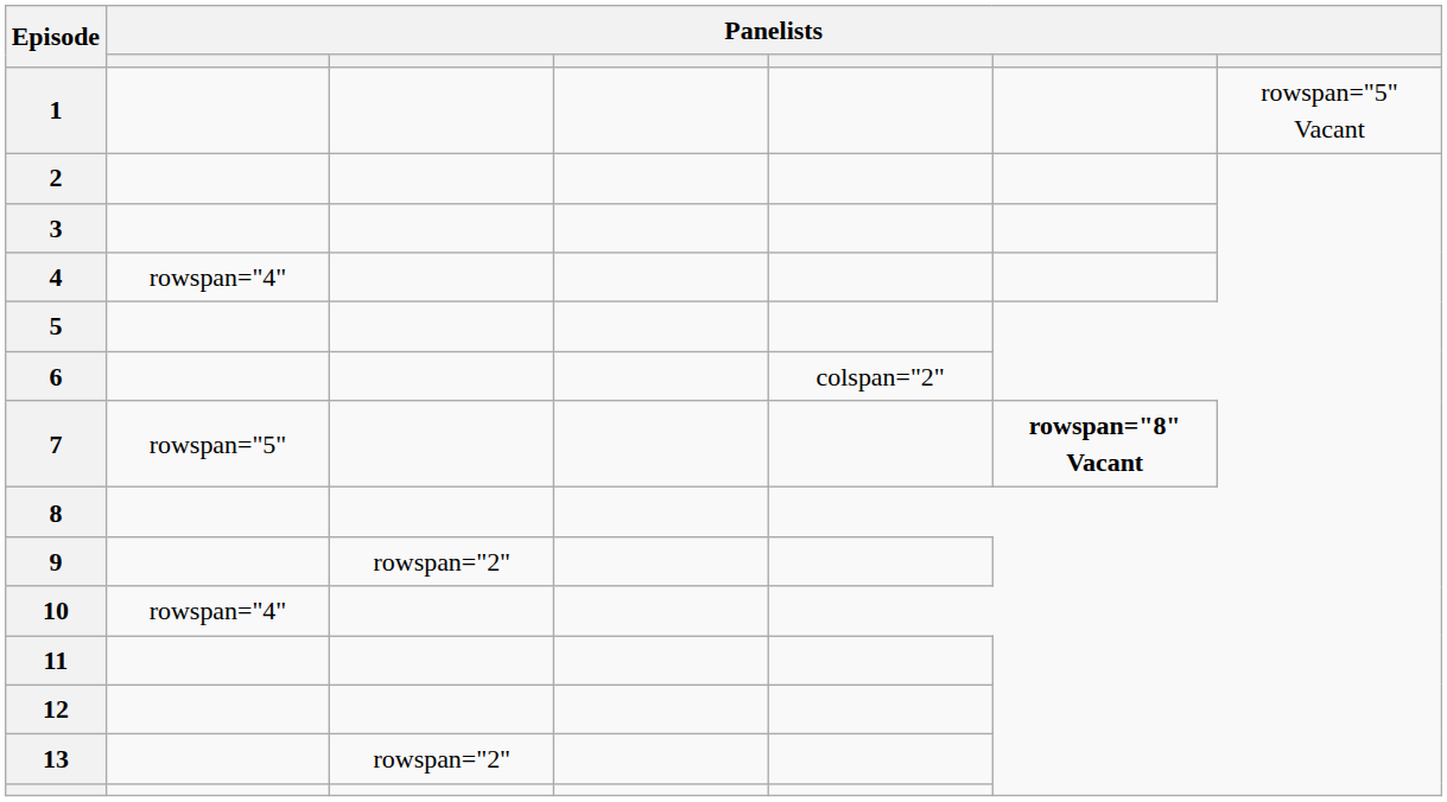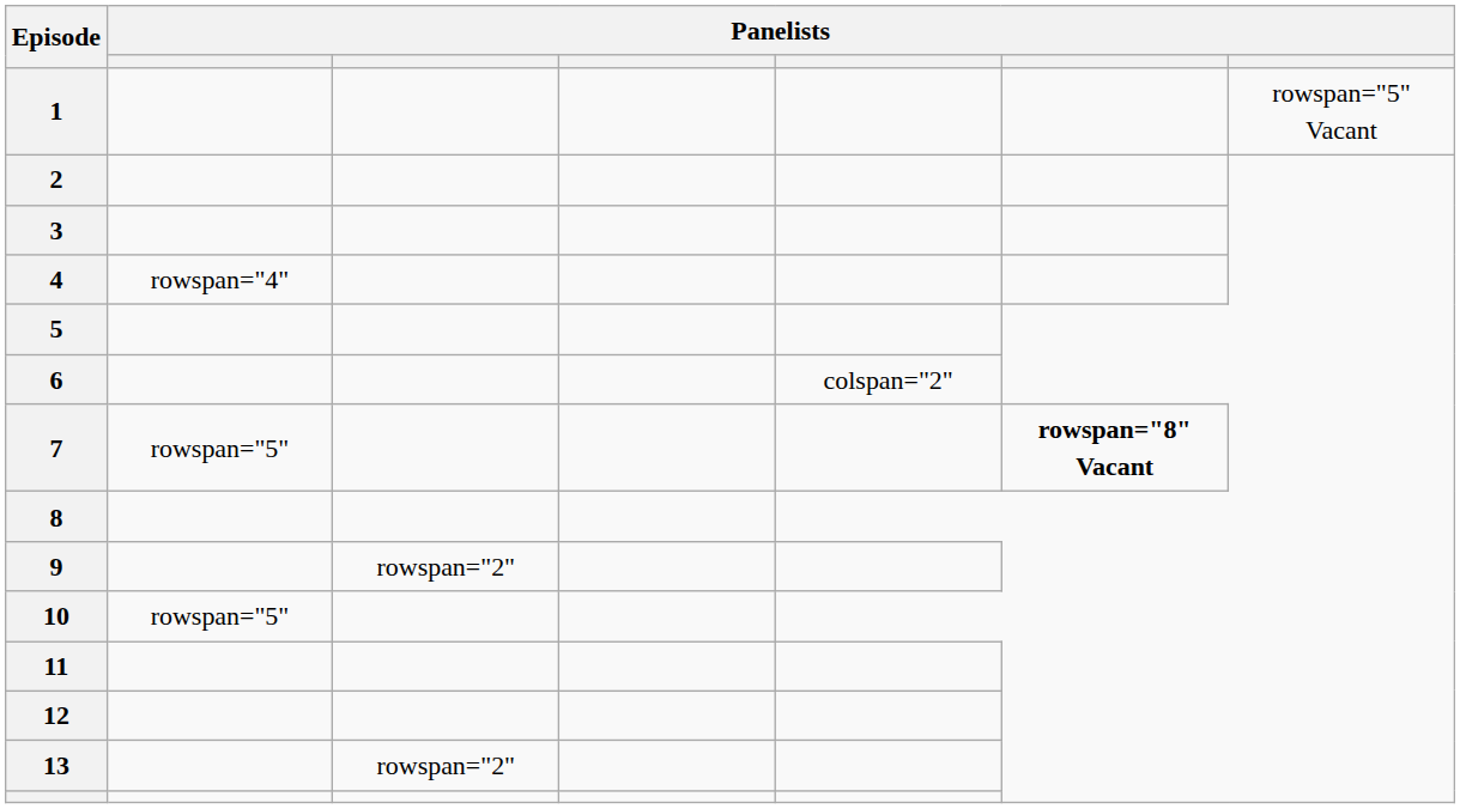 <table class="wikitable plainrowheaders mw-collapsible" style="text-align:center; line-height:23px; width:100%;">
 <tr>
 <th rowspan=2 width=01%>Episode</th>
 <th colspan=6>Panelists</th>
 </tr>
 <tr>
 <th width="16%"></th>
 <th width="16%"></th>
 <th width="16%"></th>
 <th width="16%"></th>
 <th width="16%"></th>
 <th width="16%"></th>
 </tr>
 <tr>
 <th>1</th>
 <td></td>
 <td></td>
 <td></td>
 <td></td>
 <td></td>
 <td>rowspan="5"  Vacant</td>
 </tr>
 <tr>
 <th>2</th>
 <td></td>
 <td></td>
 <td></td>
 <td></td>
 <td></td>
 </tr>
 <tr>
 <th>3</th>
 <td></td>
 <td></td>
 <td></td>
 <td></td>
 <td></td>
 </tr>
 <tr>
 <th>4</th>
 <td>rowspan="4" </td>
 <td></td>
 <td></td>
 <td></td>
 <td></td>
 </tr>
 <tr>
 <th>5</th>
 <td></td>
 <td></td>
 <td></td>
 <td></td>
 </tr>
 <tr>
 <th>6</th>
 <td></td>
 <td></td>
 <td></td>
 <td>colspan="2" </td>
 </tr>
 <tr>
 <th>7</th>
 <td>rowspan="5" </td>
 <td></td>
 <td></td>
 <td></td>
 <td><strong>rowspan="8"  Vacant</strong></td>
 </tr>
 <tr>
 <th>8</th>
 <td></td>
 <td></td>
 <td></td>
 </tr>
 <tr>
 <th>9</th>
 <td></td>
 <td>rowspan="2" </td>
 <td></td>
 <td></td>
 </tr>
 <tr>
 <th>10</th>
-<td>rowspan="4" </td>
+<td>rowspan="5" </td>
 <td></td>
 <td></td>
 </tr>
 <tr>
 <th>11</th>
 <td></td>
 <td></td>
 <td></td>
 <td></td>
 </tr>
 <tr>
 <th>12</th>
 <td></td>
 <td></td>
 <td></td>
 <td></td>
 </tr>
 <tr>
 <th>13</th>
 <td></td>
 <td>rowspan="2" </td>
 <td></td>
 <td></td>
 </tr>
 <tr>
 <th></th>
 <td></td>
 <td></td>
 <td></td>
 <td></td>
 </tr>
 </table>
